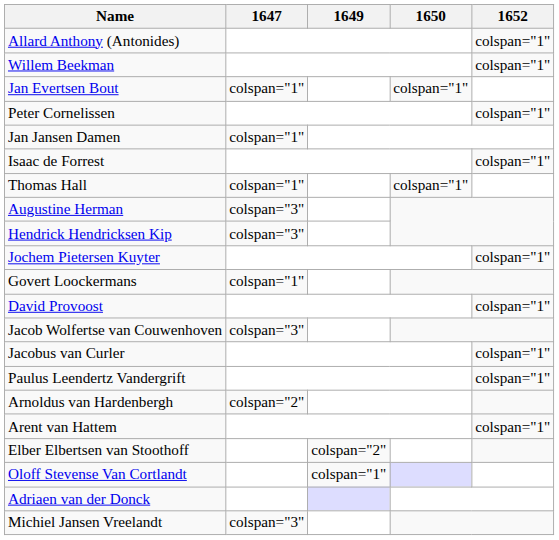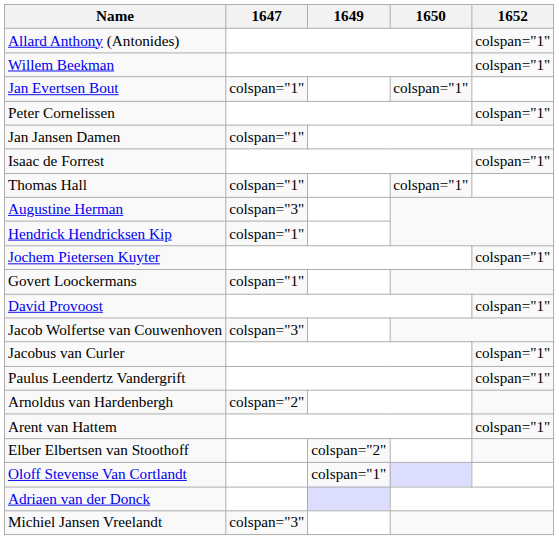 <table class="wikitable">
 <tr>
 <th>Name</th>
 <th>1647</th>
 <th>1649</th>
 <th>1650</th>
 <th>1652</th>
 </tr>
 <tr>
 <td><a href='#'>Allard Anthony</a> (Antonides)</td>
 <td colspan="3" style="background:white;"></td>
 <td>colspan="1" </td>
 </tr>
 <tr>
 <td><a href='#'>Willem Beekman</a></td>
 <td colspan="3" style="background:white;"></td>
 <td>colspan="1" </td>
 </tr>
 <tr>
 <td><a href='#'>Jan Evertsen Bout</a></td>
 <td>colspan="1" </td>
 <td colspan="1" style="background:white;"></td>
 <td>colspan="1" </td>
 <td colspan="1" style="background:white;"></td>
 </tr>
 <tr>
 <td>Peter Cornelissen</td>
 <td colspan="3" style="background:white;"></td>
 <td>colspan="1" </td>
 </tr>
 <tr>
 <td>Jan Jansen Damen</td>
 <td>colspan="1" </td>
 <td colspan="3" style="background:white;"></td>
 </tr>
 <tr>
 <td>Isaac de Forrest</td>
 <td colspan="3" style="background:white;"></td>
 <td>colspan="1" </td>
 </tr>
 <tr>
 <td>Thomas Hall</td>
 <td>colspan="1" </td>
 <td colspan="1" style="background:white;"></td>
 <td>colspan="1" </td>
 <td colspan="1" style="background:white;"></td>
 </tr>
 <tr>
 <td><a href='#'>Augustine Herman</a></td>
 <td>colspan="3" </td>
 <td colspan="1" style="background:white;"></td>
 </tr>
 <tr>
 <td><a href='#'>Hendrick Hendricksen Kip</a></td>
-<td>colspan="3" </td>
+<td>colspan="1" </td>
 <td colspan="1" style="background:white;"></td>
 </tr>
 <tr>
 <td><a href='#'>Jochem Pietersen Kuyter</a></td>
 <td colspan="3" style="background:white;"></td>
 <td>colspan="1" </td>
 </tr>
 <tr>
 <td>Govert Loockermans</td>
 <td>colspan="1" </td>
 <td colspan="1" style="background:white;"></td>
 </tr>
 <tr>
 <td><a href='#'>David Provoost</a></td>
 <td colspan="3" style="background:white;"></td>
 <td>colspan="1" </td>
 </tr>
 <tr>
 <td>Jacob Wolfertse van Couwenhoven</td>
 <td>colspan="3" </td>
 <td colspan="1" style="background:white;"></td>
 </tr>
 <tr>
 <td>Jacobus van Curler</td>
 <td colspan="3" style="background:white;"></td>
 <td>colspan="1" </td>
 </tr>
 <tr>
 <td>Paulus Leendertz Vandergrift</td>
 <td colspan="3" style="background:white;"></td>
 <td>colspan="1" </td>
 </tr>
 <tr>
 <td>Arnoldus van Hardenbergh</td>
 <td>colspan="2" </td>
 <td colspan="2" style="background:white;"></td>
 </tr>
 <tr>
 <td>Arent van Hattem</td>
 <td colspan="3" style="background:white;"></td>
 <td>colspan="1" </td>
 </tr>
 <tr>
 <td>Elber Elbertsen van Stoothoff</td>
 <td colspan="1" style="background:white;"></td>
 <td>colspan="2" </td>
 <td colspan="1" style="background:white;"></td>
 </tr>
 <tr>
 <td><a href='#'>Oloff Stevense Van Cortlandt</a></td>
 <td colspan="1" style="background:white;"></td>
 <td>colspan="1" </td>
 <td colspan="1" bgcolor=#DDDDFF></td>
 <td colspan="1" style="background:white;"></td>
 </tr>
 <tr>
 <td><a href='#'>Adriaen van der Donck</a></td>
 <td colspan="1" style="background:white;"></td>
 <td colspan="1" bgcolor=#DDDDFF></td>
 <td colspan="2" style="background:white;"></td>
 </tr>
 <tr>
 <td>Michiel Jansen Vreelandt</td>
 <td>colspan="3" </td>
 <td colspan="1" style="background:white;"></td>
 </tr>
 </table>
